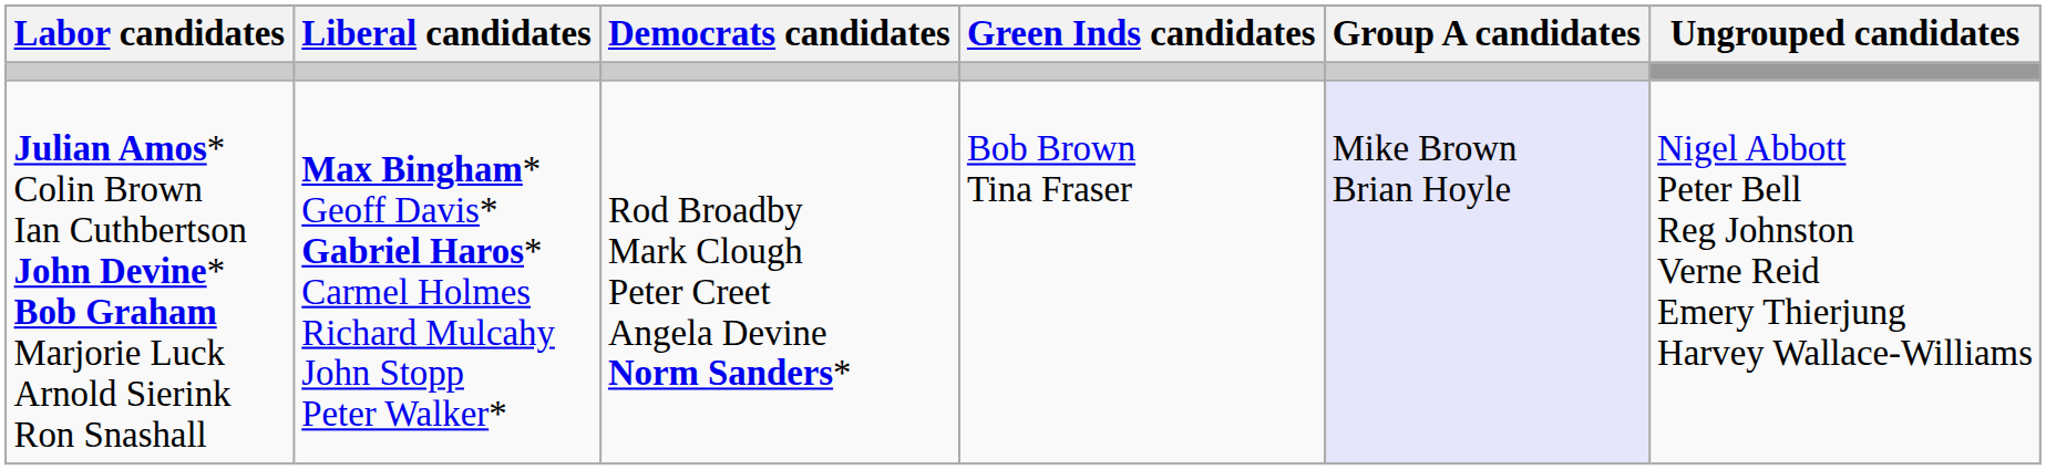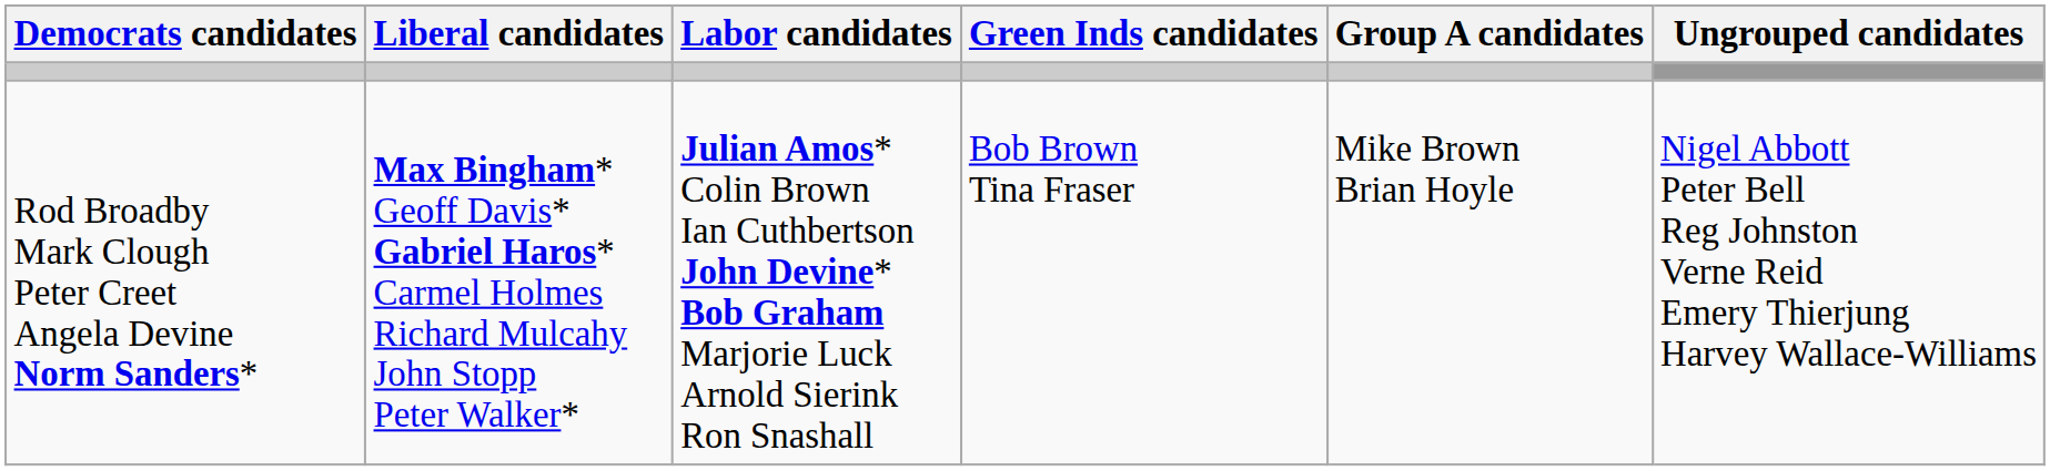 <table class="wikitable">
 <tr>
+<th><a href='#'>Democrats</a> candidates</th>
+<th><a href='#'>Liberal</a> candidates</th>
 <th><a href='#'>Labor</a> candidates</th>
-<th><a href='#'>Liberal</a> candidates</th>
-<th><a href='#'>Democrats</a> candidates</th>
 <th><a href='#'>Green Inds</a> candidates</th>
 <th>Group A candidates</th>
 <th>Ungrouped candidates</th>
 </tr>
 <tr bgcolor="#cccccc">
 <td></td>
 <td></td>
 <td></td>
 <td></td>
 <td></td>
 <td bgcolor="#999999"></td>
 </tr>
 <tr>
+<td><br>Rod Broadby<br> Mark Clough<br> Peter Creet<br> Angela Devine<br> <strong><a href='#'>Norm Sanders</a></strong>*</td>
+<td><br><strong><a href='#'>Max Bingham</a></strong>*<br> <a href='#'>Geoff Davis</a>*<br> <strong><a href='#'>Gabriel Haros</a></strong>*<br> <a href='#'>Carmel Holmes</a><br> <a href='#'>Richard Mulcahy</a><br> <a href='#'>John Stopp</a><br> <a href='#'>Peter Walker</a>*</td>
 <td><br><strong><a href='#'>Julian Amos</a></strong>*<br> Colin Brown<br> Ian Cuthbertson<br> <strong><a href='#'>John Devine</a></strong>*<br> <strong><a href='#'>Bob Graham</a></strong><br> Marjorie Luck<br> Arnold Sierink<br> Ron Snashall</td>
-<td><br><strong><a href='#'>Max Bingham</a></strong>*<br> <a href='#'>Geoff Davis</a>*<br> <strong><a href='#'>Gabriel Haros</a></strong>*<br> <a href='#'>Carmel Holmes</a><br> <a href='#'>Richard Mulcahy</a><br> <a href='#'>John Stopp</a><br> <a href='#'>Peter Walker</a>*</td>
-<td><br>Rod Broadby<br> Mark Clough<br> Peter Creet<br> Angela Devine<br> <strong><a href='#'>Norm Sanders</a></strong>*</td>
 <td valign=top><br><a href='#'>Bob Brown</a><br> Tina Fraser</td>
-<td valign=top style="background: lavender;"><br>Mike Brown<br> Brian Hoyle</td>
+<td valign=top><br>Mike Brown<br> Brian Hoyle</td>
 <td valign=top><br><a href='#'>Nigel Abbott</a><br> Peter Bell<br> Reg Johnston<br> Verne Reid<br> Emery Thierjung<br> Harvey Wallace-Williams<br></td>
 </tr>
 </table>
